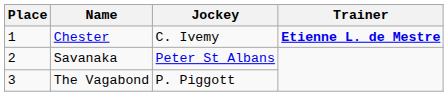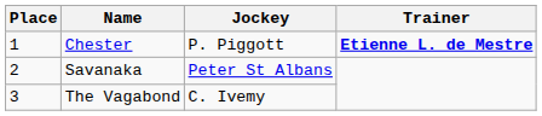 <table class="wikitable">
 <tr>
 <th>Place</th>
 <th>Name</th>
 <th>Jockey</th>
 <th>Trainer</th>
 </tr>
 <tr>
 <td>1</td>
 <td><a href='#'>Chester</a></td>
-<td>C. Ivemy</td>
+<td>P. Piggott</td>
 <td><strong><a href='#'>Etienne L. de Mestre</a></strong></td>
 </tr>
 <tr>
 <td>2</td>
 <td>Savanaka</td>
 <td><a href='#'>Peter St Albans</a></td>
 </tr>
 <tr>
 <td>3</td>
 <td>The Vagabond</td>
-<td>P. Piggott</td>
+<td>C. Ivemy</td>
 </tr>
 </table>
